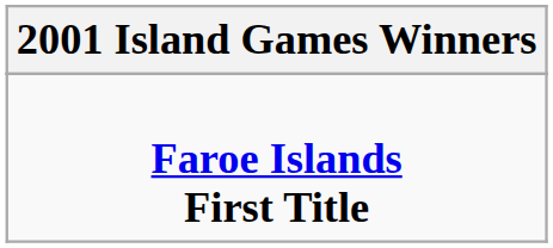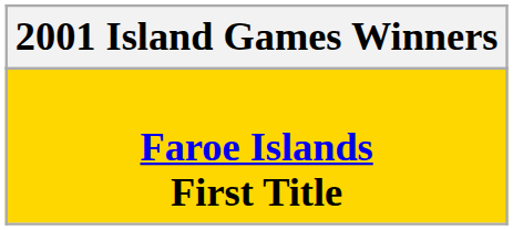 <table class="wikitable" style="text-align: center; margin: 0 auto;">
 <tr>
 <th>2001 Island Games Winners</th>
 </tr>
 <tr>
 </tr>
 <tr>
-<td><br><strong><a href='#'>Faroe Islands</a></strong><br><strong>First Title</strong></td>
+<td style="background: gold;"><br><strong><a href='#'>Faroe Islands</a></strong><br><strong>First Title</strong></td>
 </tr>
 </table>
